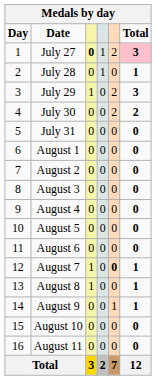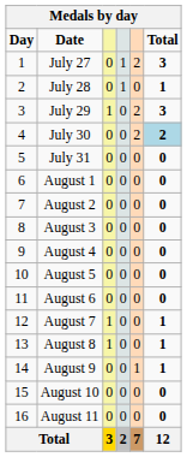 <table class=wikitable style="font-size:85%; float:right;text-align:center">
 <tr>
 <th colspan=7><strong>Medals by day</strong></th>
 </tr>
 <tr>
 <td><strong>Day</strong></td>
 <td><strong>Date</strong></td>
 <td bgcolor=F7F6A8></td>
 <td bgcolor=DCE5E5></td>
 <td bgcolor=FFDAB9></td>
 <td><strong>Total</strong></td>
 </tr>
 <tr>
 <td>1</td>
 <td>July 27</td>
-<td bgcolor=F7F6A8><strong>0</strong></td>
+<td bgcolor=F7F6A8>0</td>
 <td bgcolor=DCE5E5>1</td>
 <td bgcolor=FFDAB9>2</td>
-<td style="background: pink;"><strong>3</strong></td>
+<td><strong>3</strong></td>
 </tr>
 <tr>
 <td>2</td>
 <td>July 28</td>
 <td bgcolor=F7F6A8>0</td>
 <td bgcolor=DCE5E5>1</td>
 <td bgcolor=FFDAB9>0</td>
 <td><strong>1</strong></td>
 </tr>
 <tr>
 <td>3</td>
 <td>July 29</td>
 <td bgcolor=F7F6A8>1</td>
 <td bgcolor=DCE5E5>0</td>
 <td bgcolor=FFDAB9>2</td>
 <td><strong>3</strong></td>
 </tr>
 <tr>
 <td>4</td>
 <td>July 30</td>
 <td bgcolor=F7F6A8>0</td>
 <td bgcolor=DCE5E5>0</td>
 <td bgcolor=FFDAB9>2</td>
-<td><strong>2</strong></td>
+<td style="background: lightblue;"><strong>2</strong></td>
 </tr>
 <tr>
 <td>5</td>
 <td>July 31</td>
 <td bgcolor=F7F6A8>0</td>
 <td bgcolor=DCE5E5>0</td>
 <td bgcolor=FFDAB9>0</td>
 <td><strong>0</strong></td>
 </tr>
 <tr>
 <td>6</td>
 <td>August 1</td>
 <td bgcolor=F7F6A8>0</td>
 <td bgcolor=DCE5E5>0</td>
 <td bgcolor=FFDAB9>0</td>
 <td><strong>0</strong></td>
 </tr>
 <tr>
 <td>7</td>
 <td>August 2</td>
 <td bgcolor=F7F6A8>0</td>
 <td bgcolor=DCE5E5>0</td>
 <td bgcolor=FFDAB9>0</td>
 <td><strong>0</strong></td>
 </tr>
 <tr>
 <td>8</td>
 <td>August 3</td>
 <td bgcolor=F7F6A8>0</td>
 <td bgcolor=DCE5E5>0</td>
 <td bgcolor=FFDAB9>0</td>
 <td><strong>0</strong></td>
 </tr>
 <tr>
 <td>9</td>
 <td>August 4</td>
 <td bgcolor=F7F6A8>0</td>
 <td bgcolor=DCE5E5>0</td>
 <td bgcolor=FFDAB9>0</td>
 <td><strong>0</strong></td>
 </tr>
 <tr>
 <td>10</td>
 <td>August 5</td>
 <td bgcolor=F7F6A8>0</td>
 <td bgcolor=DCE5E5>0</td>
 <td bgcolor=FFDAB9>0</td>
 <td><strong>0</strong></td>
 </tr>
 <tr>
 <td>11</td>
 <td>August 6</td>
 <td bgcolor=F7F6A8>0</td>
 <td bgcolor=DCE5E5>0</td>
 <td bgcolor=FFDAB9>0</td>
 <td><strong>0</strong></td>
 </tr>
 <tr>
 <td>12</td>
 <td>August 7</td>
 <td bgcolor=F7F6A8>1</td>
 <td bgcolor=DCE5E5>0</td>
-<td bgcolor=FFDAB9><strong>0</strong></td>
+<td bgcolor=FFDAB9>0</td>
 <td><strong>1</strong></td>
 </tr>
 <tr>
 <td>13</td>
 <td>August 8</td>
 <td bgcolor=F7F6A8>1</td>
 <td bgcolor=DCE5E5>0</td>
 <td bgcolor=FFDAB9>0</td>
 <td><strong>1</strong></td>
 </tr>
 <tr>
 <td>14</td>
 <td>August 9</td>
 <td bgcolor=F7F6A8>0</td>
 <td bgcolor=DCE5E5>0</td>
 <td bgcolor=FFDAB9>1</td>
 <td><strong>1</strong></td>
 </tr>
 <tr>
 <td>15</td>
 <td>August 10</td>
 <td bgcolor=F7F6A8>0</td>
 <td bgcolor=DCE5E5>0</td>
 <td bgcolor=FFDAB9>0</td>
 <td><strong>0</strong></td>
 </tr>
 <tr>
 <td>16</td>
 <td>August 11</td>
 <td bgcolor=F7F6A8>0</td>
 <td bgcolor=DCE5E5>0</td>
 <td bgcolor=FFDAB9>0</td>
 <td><strong>0</strong></td>
 </tr>
 <tr>
 <th colspan=2><strong>Total</strong></th>
 <th style=background:gold><strong>3</strong></th>
 <th style=background:silver><strong>2</strong></th>
 <th style=background:#C96><strong>7</strong></th>
 <th><strong>12</strong></th>
 </tr>
 </table>
